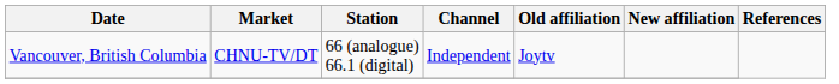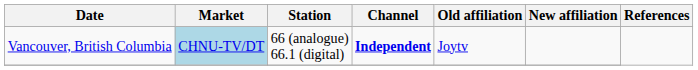 <table class="wikitable">
 <tr>
 <th>Date</th>
 <th>Market</th>
 <th>Station</th>
 <th>Channel</th>
 <th>Old affiliation</th>
 <th>New affiliation</th>
 <th>References</th>
 </tr>
 <tr>
 <td><a href='#'>Vancouver, British Columbia</a></td>
-<td><a href='#'>CHNU-TV/DT</a></td>
+<td style="background: lightblue;"><a href='#'>CHNU-TV/DT</a></td>
 <td>66 (analogue) <br> 66.1 (digital)</td>
-<td><a href='#'>Independent</a></td>
+<td><strong><a href='#'>Independent</a></strong></td>
 <td><a href='#'>Joytv</a></td>
 <td></td>
 </tr>
 <tr>
 </tr>
 </table>
